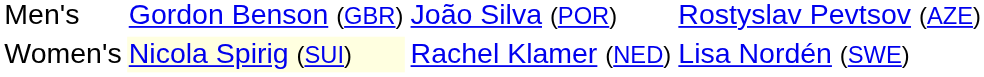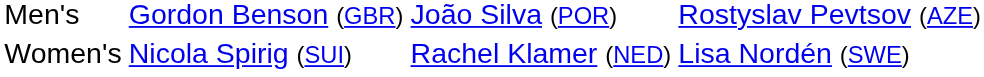 <table>
 <tr>
 <td>Men's<br></td>
 <td> <a href='#'>Gordon Benson</a> <small>(<a href='#'>GBR</a>)</small></td>
 <td> <a href='#'>João Silva</a> <small>(<a href='#'>POR</a>)</small></td>
 <td> <a href='#'>Rostyslav Pevtsov</a> <small>(<a href='#'>AZE</a>)</small></td>
 </tr>
 <tr>
 <td>Women's<br></td>
-<td style="background: lightyellow;"> <a href='#'>Nicola Spirig</a> <small>(<a href='#'>SUI</a>)</small></td>
+<td> <a href='#'>Nicola Spirig</a> <small>(<a href='#'>SUI</a>)</small></td>
 <td> <a href='#'>Rachel Klamer</a> <small>(<a href='#'>NED</a>)</small></td>
 <td> <a href='#'>Lisa Nordén</a> <small>(<a href='#'>SWE</a>)</small></td>
 </tr>
 </table>
